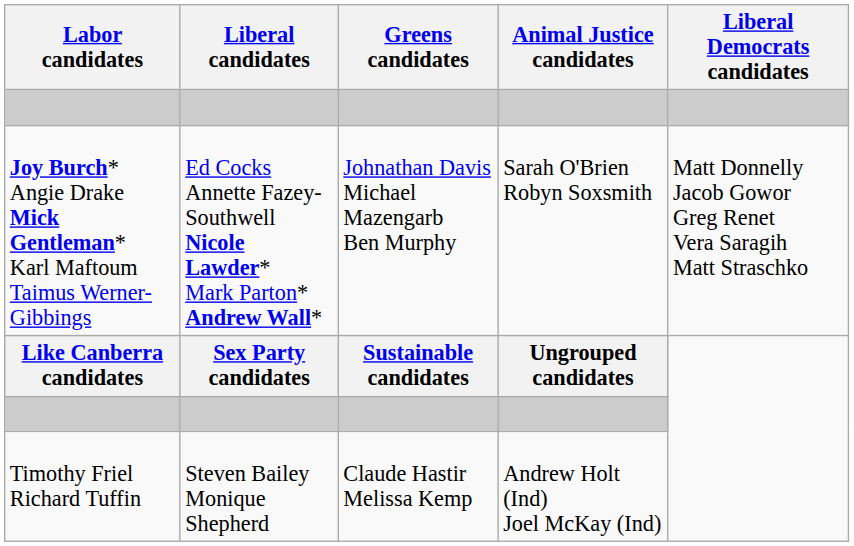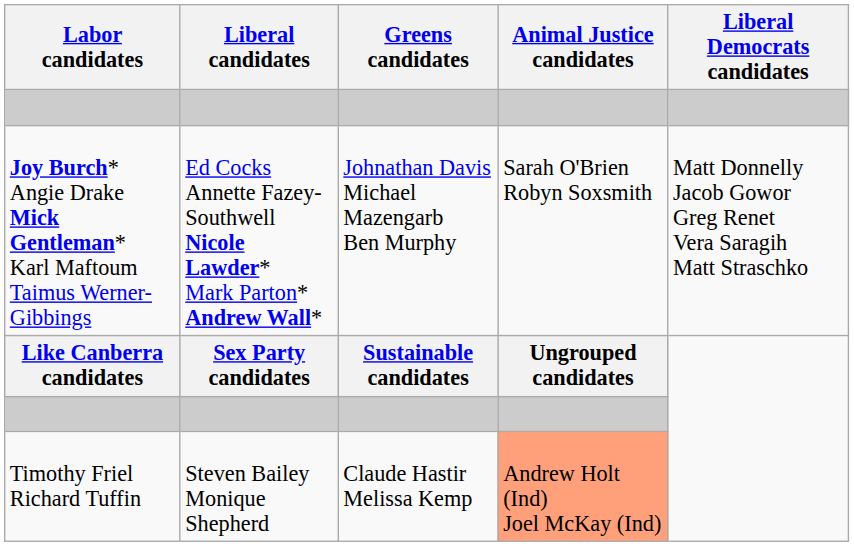 <table class="wikitable">
 <tr>
 <th><a href='#'>Labor</a> candidates</th>
 <th><a href='#'>Liberal</a> candidates</th>
 <th><a href='#'>Greens</a> candidates</th>
 <th><a href='#'>Animal Justice</a> candidates</th>
 <th><a href='#'>Liberal Democrats</a> candidates</th>
 </tr>
 <tr bgcolor="#cccccc">
 <td></td>
 <td></td>
 <td></td>
 <td></td>
 <td> </td>
 </tr>
 <tr>
 <td><br><strong><a href='#'>Joy Burch</a></strong>*<br> Angie Drake<br> <strong><a href='#'>Mick Gentleman</a></strong>*<br> Karl Maftoum<br> <a href='#'>Taimus Werner-Gibbings</a></td>
 <td><br><a href='#'>Ed Cocks</a><br> Annette Fazey-Southwell<br> <strong><a href='#'>Nicole Lawder</a></strong>*<br> <a href='#'>Mark Parton</a>*<br> <strong><a href='#'>Andrew Wall</a></strong>*</td>
 <td valign=top><br><a href='#'>Johnathan Davis</a><br> Michael Mazengarb<br> Ben Murphy</td>
 <td valign=top><br>Sarah O'Brien<br> Robyn Soxsmith</td>
 <td valign=top><br>Matt Donnelly<br> Jacob Gowor<br> Greg Renet<br> Vera Saragih<br> Matt Straschko</td>
 </tr>
 <tr bgcolor="#cccccc">
 <th><a href='#'>Like Canberra</a> candidates</th>
 <th><a href='#'>Sex Party</a> candidates</th>
 <th><a href='#'>Sustainable</a> candidates</th>
 <th>Ungrouped candidates</th>
 </tr>
 <tr bgcolor="#cccccc">
 <td bgcolor=></td>
 <td></td>
 <td></td>
 <td> </td>
 </tr>
 <tr>
 <td valign=top><br>Timothy Friel<br> Richard Tuffin</td>
 <td valign=top><br>Steven Bailey<br> Monique Shepherd</td>
 <td valign=top><br>Claude Hastir<br> Melissa Kemp</td>
-<td valign=top><br>Andrew Holt (Ind)<br> Joel McKay (Ind)</td>
+<td valign=top style="background: lightsalmon;"><br>Andrew Holt (Ind)<br> Joel McKay (Ind)</td>
 </tr>
 </table>
